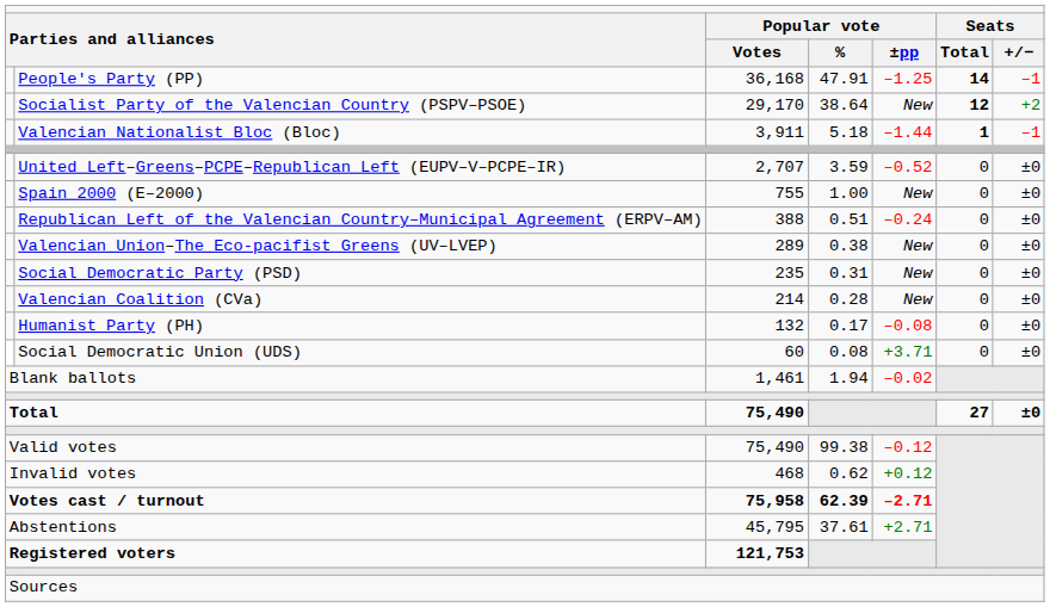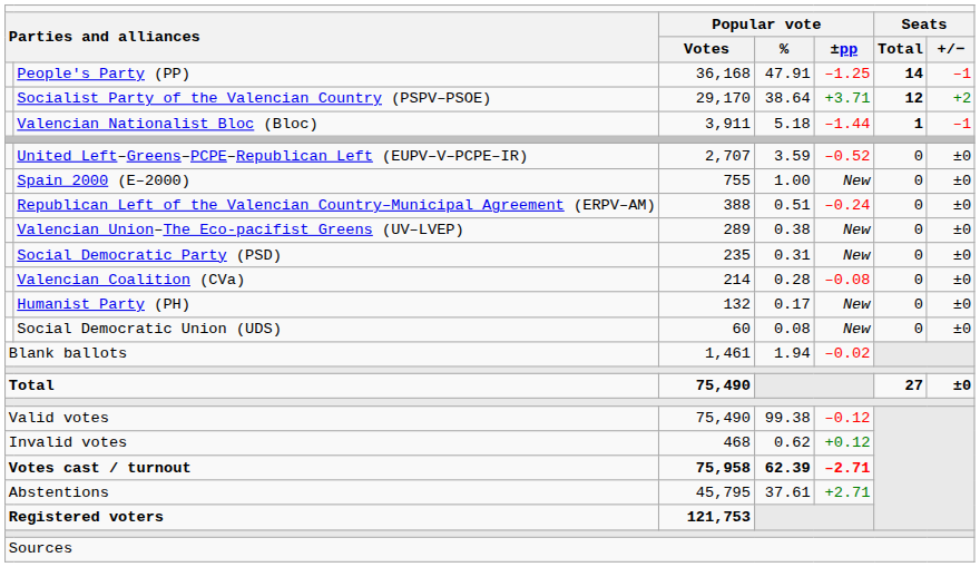 <table class="wikitable" style="text-align:right;">
 <tr>
 <td colspan="7"></td>
 </tr>
 <tr>
 <th style="text-align:left;" rowspan="2" colspan="2" width="525">Parties and alliances</th>
 <th colspan="3">Popular vote</th>
 <th colspan="2">Seats</th>
 </tr>
 <tr>
 <th width="75">Votes</th>
 <th width="45">%</th>
 <th width="45">±<a href='#'>pp</a></th>
 <th width="35">Total</th>
 <th width="35">+/−</th>
 </tr>
 <tr>
 <td width="1" style="color:inherit;background:"></td>
 <td align="left"><a href='#'>People's Party</a> (PP)</td>
 <td>36,168</td>
 <td>47.91</td>
 <td style="color:red;">–1.25</td>
 <td><strong>14</strong></td>
 <td style="color:red;">–1</td>
 </tr>
 <tr>
 <td style="color:inherit;background:"></td>
 <td align="left"><a href='#'>Socialist Party of the Valencian Country</a> (PSPV–PSOE)</td>
 <td>29,170</td>
 <td>38.64</td>
-<td><em>New</em></td>
+<td style="color:green;">+3.71</td>
 <td><strong>12</strong></td>
 <td style="color:green;">+2</td>
 </tr>
 <tr>
 <td style="color:inherit;background:"></td>
 <td align="left"><a href='#'>Valencian Nationalist Bloc</a> (Bloc)</td>
 <td>3,911</td>
 <td>5.18</td>
 <td style="color:red;">–1.44</td>
 <td><strong>1</strong></td>
 <td style="color:red;">–1</td>
 </tr>
 <tr>
 <td colspan="7" bgcolor="#C0C0C0"></td>
 </tr>
 <tr>
 <td style="color:inherit;background:"></td>
 <td align="left"><a href='#'>United Left</a>–<a href='#'>Greens</a>–<a href='#'>PCPE</a>–<a href='#'>Republican Left</a> (EUPV–V–PCPE–IR)</td>
 <td>2,707</td>
 <td>3.59</td>
 <td style="color:red;">–0.52</td>
 <td>0</td>
 <td>±0</td>
 </tr>
 <tr>
 <td style="color:inherit;background:"></td>
 <td align="left"><a href='#'>Spain 2000</a> (E–2000)</td>
 <td>755</td>
 <td>1.00</td>
 <td><em>New</em></td>
 <td>0</td>
 <td>±0</td>
 </tr>
 <tr>
 <td style="color:inherit;background:"></td>
 <td align="left"><a href='#'>Republican Left of the Valencian Country–Municipal Agreement</a> (ERPV–AM)</td>
 <td>388</td>
 <td>0.51</td>
 <td style="color:red;">–0.24</td>
 <td>0</td>
 <td>±0</td>
 </tr>
 <tr>
 <td style="color:inherit;background:"></td>
 <td align="left"><a href='#'>Valencian Union</a>–<a href='#'>The Eco-pacifist Greens</a> (UV–LVEP)</td>
 <td>289</td>
 <td>0.38</td>
 <td><em>New</em></td>
 <td>0</td>
 <td>±0</td>
 </tr>
 <tr>
 <td style="color:inherit;background:"></td>
 <td align="left"><a href='#'>Social Democratic Party</a> (PSD)</td>
 <td>235</td>
 <td>0.31</td>
 <td><em>New</em></td>
 <td>0</td>
 <td>±0</td>
 </tr>
 <tr>
 <td style="color:inherit;background:"></td>
 <td align="left"><a href='#'>Valencian Coalition</a> (CVa)</td>
 <td>214</td>
 <td>0.28</td>
-<td><em>New</em></td>
+<td style="color:red;">–0.08</td>
 <td>0</td>
 <td>±0</td>
 </tr>
 <tr>
 <td style="color:inherit;background:"></td>
 <td align="left"><a href='#'>Humanist Party</a> (PH)</td>
 <td>132</td>
 <td>0.17</td>
-<td style="color:red;">–0.08</td>
+<td><em>New</em></td>
 <td>0</td>
 <td>±0</td>
 </tr>
 <tr>
 <td bgcolor="white"></td>
 <td align="left">Social Democratic Union (UDS)</td>
 <td>60</td>
 <td>0.08</td>
-<td style="color:green;">+3.71</td>
+<td><em>New</em></td>
 <td>0</td>
 <td>±0</td>
 </tr>
 <tr>
 <td align="left" colspan="2">Blank ballots</td>
 <td>1,461</td>
 <td>1.94</td>
 <td style="color:red;">–0.02</td>
 <td bgcolor="#E9E9E9" colspan="2"></td>
 </tr>
 <tr>
 <td colspan="7" bgcolor="#E9E9E9"></td>
 </tr>
 <tr style="font-weight:bold;">
 <td align="left" colspan="2">Total</td>
 <td>75,490</td>
 <td bgcolor="#E9E9E9" colspan="2"></td>
 <td>27</td>
 <td>±0</td>
 </tr>
 <tr>
 <td colspan="7" bgcolor="#E9E9E9"></td>
 </tr>
 <tr>
 <td align="left" colspan="2">Valid votes</td>
 <td>75,490</td>
 <td>99.38</td>
 <td style="color:red;">–0.12</td>
 <td bgcolor="#E9E9E9" colspan="2" rowspan="5"></td>
 </tr>
 <tr>
 <td align="left" colspan="2">Invalid votes</td>
 <td>468</td>
 <td>0.62</td>
 <td style="color:green;">+0.12</td>
 </tr>
 <tr style="font-weight:bold;">
 <td align="left" colspan="2">Votes cast / turnout</td>
 <td>75,958</td>
 <td>62.39</td>
 <td style="color:red;">–2.71</td>
 </tr>
 <tr>
 <td align="left" colspan="2">Abstentions</td>
 <td>45,795</td>
 <td>37.61</td>
 <td style="color:green;">+2.71</td>
 </tr>
 <tr style="font-weight:bold;">
 <td align="left" colspan="2">Registered voters</td>
 <td>121,753</td>
 <td bgcolor="#E9E9E9" colspan="2"></td>
 </tr>
 <tr>
 <td colspan="7" bgcolor="#E9E9E9"></td>
 </tr>
 <tr>
 <td align="left" colspan="7">Sources</td>
 </tr>
 </table>
